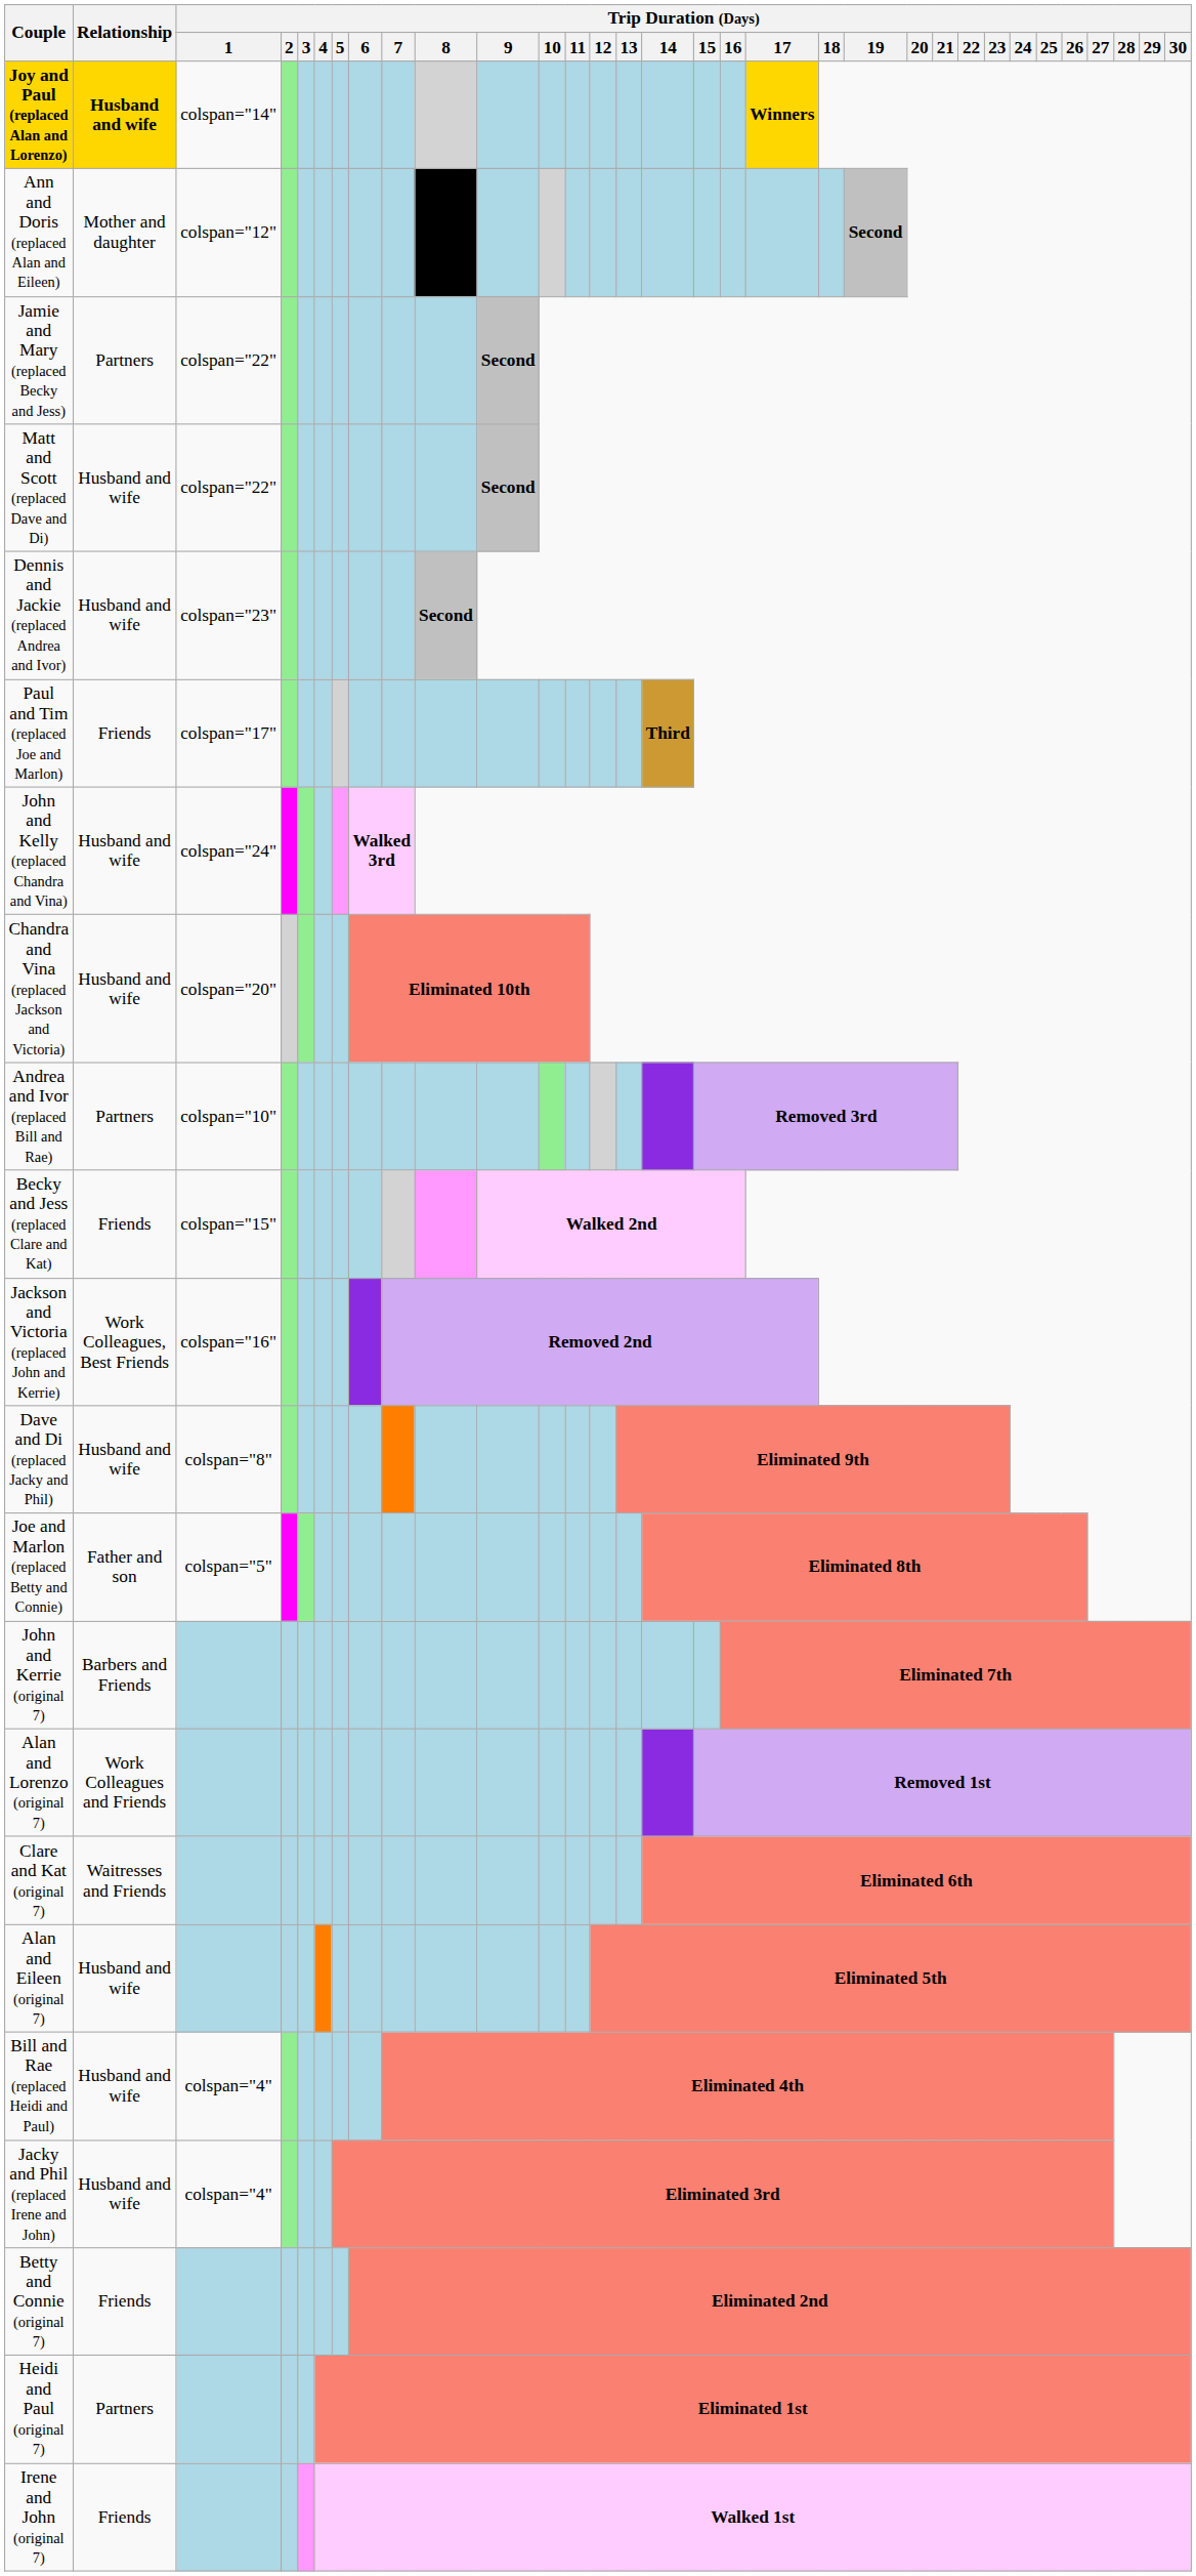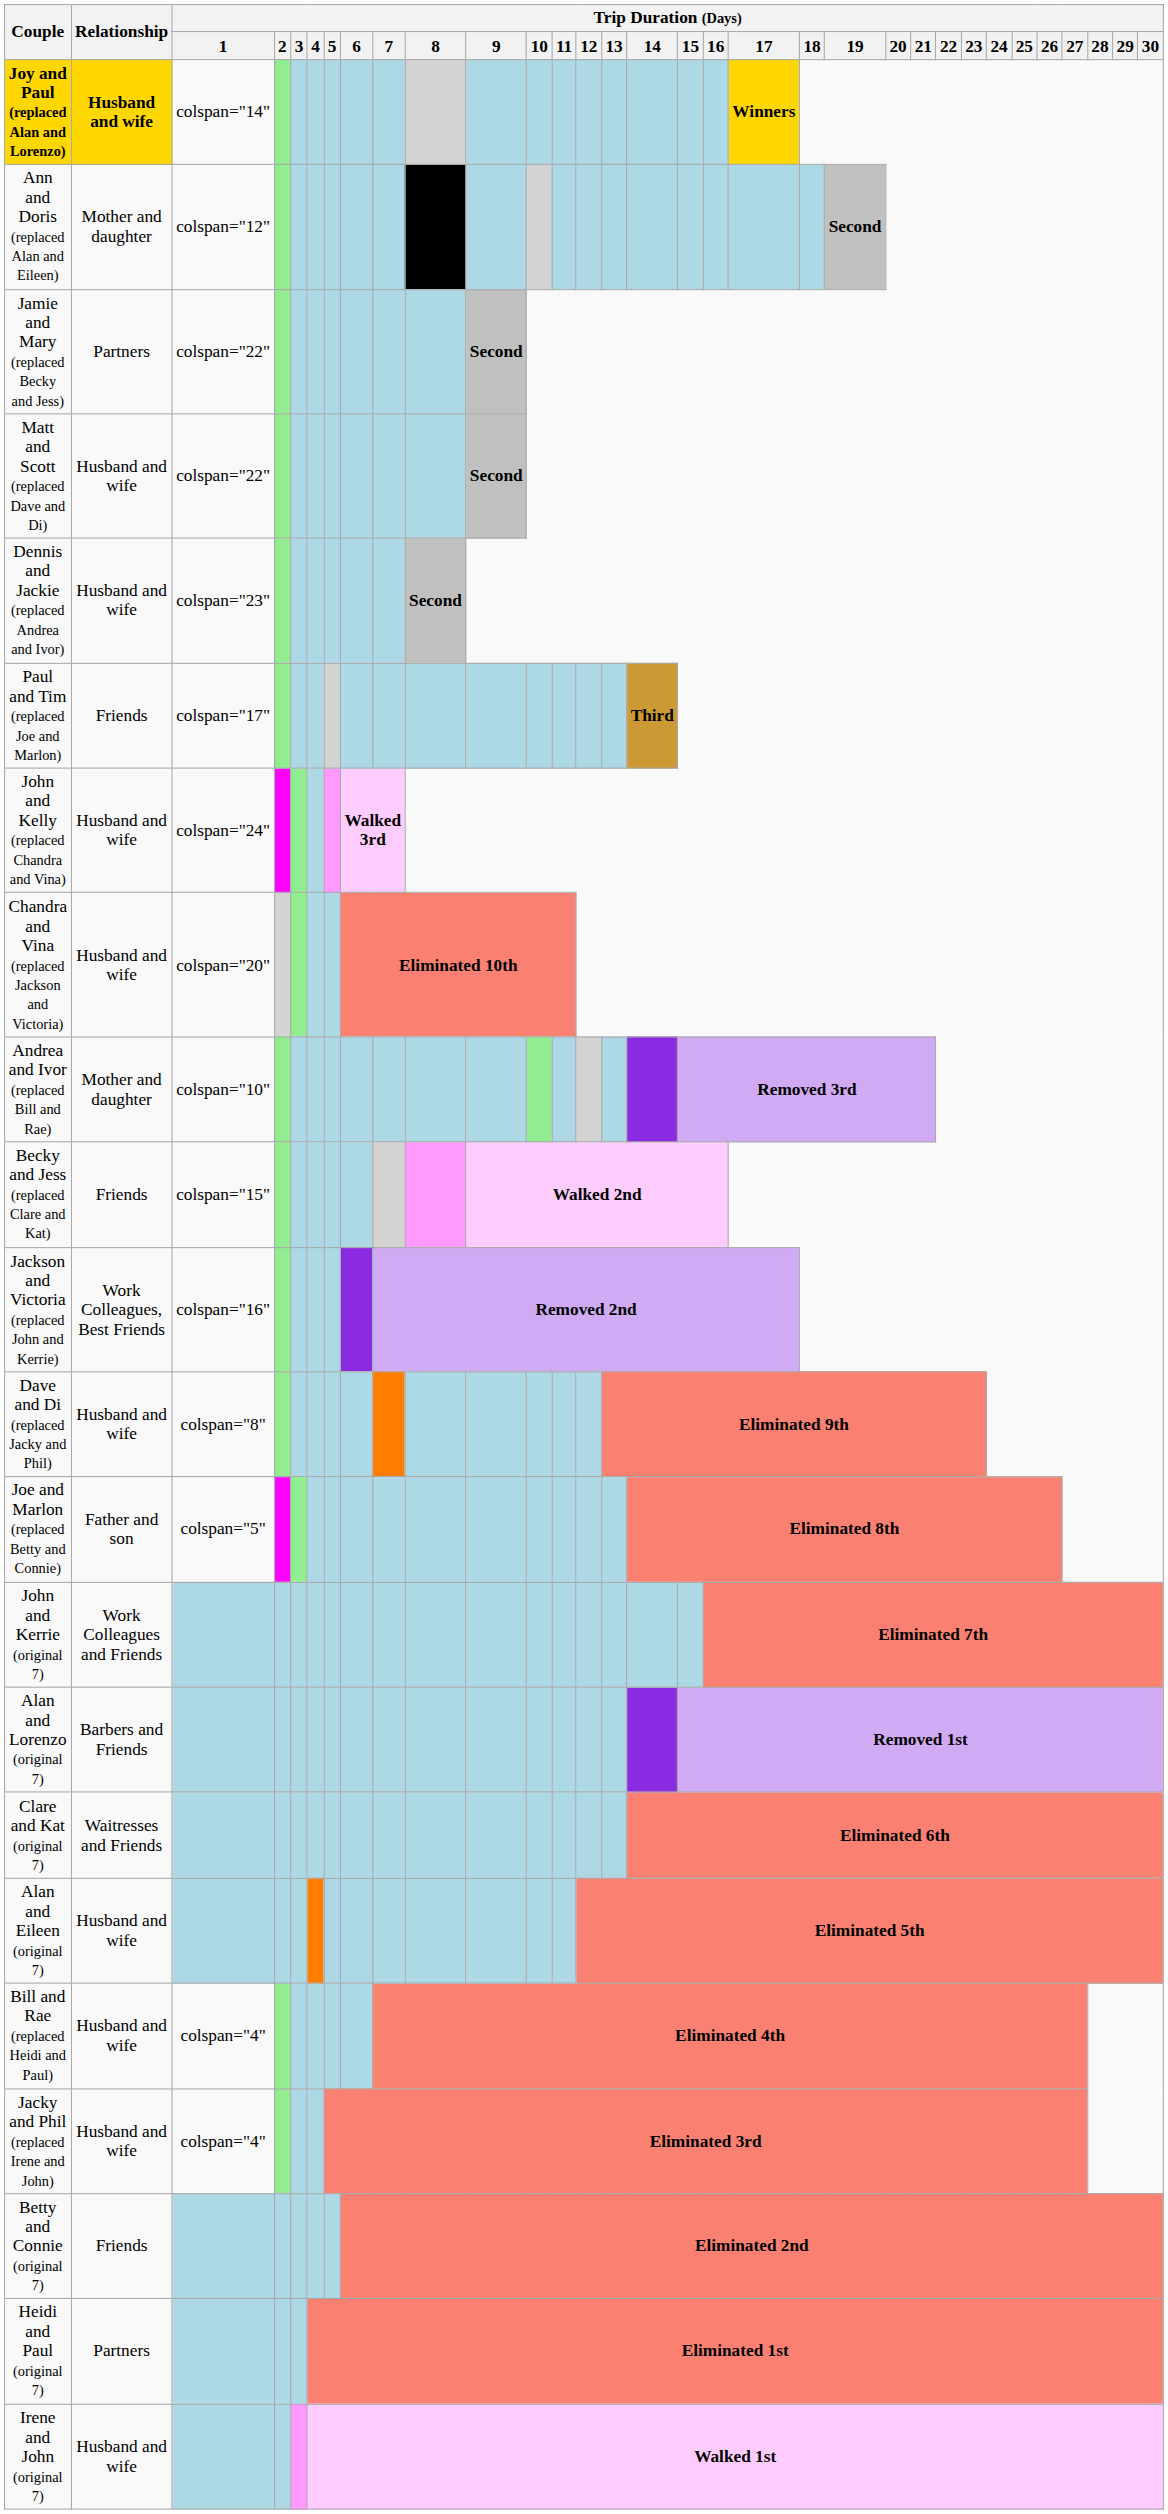 <table class="wikitable" style="text-align:center;">
 <tr>
 <th rowspan="2">Couple</th>
 <th rowspan="2">Relationship</th>
 <th colspan="30">Trip Duration <small>(Days)</small></th>
 </tr>
 <tr>
 <th>1</th>
 <th>2</th>
 <th>3</th>
 <th>4</th>
 <th>5</th>
 <th>6</th>
 <th>7</th>
 <th>8</th>
 <th>9</th>
 <th>10</th>
 <th>11</th>
 <th>12</th>
 <th>13</th>
 <th>14</th>
 <th>15</th>
 <th>16</th>
 <th>17</th>
 <th>18</th>
 <th>19</th>
 <th>20</th>
 <th>21</th>
 <th>22</th>
 <th>23</th>
 <th>24</th>
 <th>25</th>
 <th>26</th>
 <th>27</th>
 <th>28</th>
 <th>29</th>
 <th>30</th>
 </tr>
 <tr>
 <td style="background:gold;"><strong>Joy and Paul<br><small>(replaced Alan and Lorenzo)</small></strong></td>
 <td style="background:gold;"><strong>Husband and wife</strong></td>
 <td>colspan="14" </td>
 <td style="background:lightgreen;"></td>
 <td style="background:lightblue;"></td>
 <td style="background:lightblue;"></td>
 <td style="background:lightblue;"></td>
 <td style="background:lightblue;"></td>
 <td style="background:lightblue;"></td>
 <td style="background:lightgrey;"></td>
 <td style="background:lightblue;"></td>
 <td style="background:lightblue;"></td>
 <td style="background:lightblue;"></td>
 <td style="background:lightblue;"></td>
 <td style="background:lightblue;"></td>
 <td style="background:lightblue;"></td>
 <td style="background:lightblue;"></td>
 <td style="background:lightblue;"></td>
 <td style="background:gold;"><strong>Winners</strong></td>
 </tr>
 <tr>
 <td>Ann and Doris<br><small>(replaced Alan and Eileen)</small></td>
 <td>Mother and daughter</td>
 <td>colspan="12" </td>
 <td style="background:lightgreen;"></td>
 <td style="background:lightblue;"></td>
 <td style="background:lightblue;"></td>
 <td style="background:lightblue;"></td>
 <td style="background:lightblue;"></td>
 <td style="background:lightblue;"></td>
 <td style="background:black;"></td>
 <td style="background:lightblue;"></td>
 <td style="background:lightgrey;"></td>
 <td style="background:lightblue;"></td>
 <td style="background:lightblue;"></td>
 <td style="background:lightblue;"></td>
 <td style="background:lightblue;"></td>
 <td style="background:lightblue;"></td>
 <td style="background:lightblue;"></td>
 <td style="background:lightblue;"></td>
 <td style="background:lightblue;"></td>
 <td style="background:silver;"><strong>Second</strong></td>
 </tr>
 <tr>
 <td>Jamie and Mary<br><small>(replaced Becky and Jess)</small></td>
 <td>Partners</td>
 <td>colspan="22" </td>
 <td style="background:lightgreen;"></td>
 <td style="background:lightblue;"></td>
 <td style="background:lightblue;"></td>
 <td style="background:lightblue;"></td>
 <td style="background:lightblue;"></td>
 <td style="background:lightblue;"></td>
 <td style="background:lightblue;"></td>
 <td style="background:silver;"><strong>Second</strong></td>
 </tr>
 <tr>
 <td>Matt and Scott<br><small>(replaced Dave and Di)</small></td>
 <td>Husband and wife</td>
 <td>colspan="22" </td>
 <td style="background:lightgreen;"></td>
 <td style="background:lightblue;"></td>
 <td style="background:lightblue;"></td>
 <td style="background:lightblue;"></td>
 <td style="background:lightblue;"></td>
 <td style="background:lightblue;"></td>
 <td style="background:lightblue;"></td>
 <td style="background:silver;"><strong>Second</strong></td>
 </tr>
 <tr>
 <td>Dennis and Jackie<br><small>(replaced Andrea and Ivor)</small></td>
 <td>Husband and wife</td>
 <td>colspan="23" </td>
 <td style="background:lightgreen;"></td>
 <td style="background:lightblue;"></td>
 <td style="background:lightblue;"></td>
 <td style="background:lightblue;"></td>
 <td style="background:lightblue;"></td>
 <td style="background:lightblue;"></td>
 <td style="background:silver;"><strong>Second</strong></td>
 </tr>
 <tr>
 <td>Paul and Tim<br><small>(replaced Joe and Marlon)</small></td>
 <td>Friends</td>
 <td>colspan="17" </td>
 <td style="background:lightgreen;"></td>
 <td style="background:lightblue;"></td>
 <td style="background:lightblue;"></td>
 <td style="background:lightgrey;"></td>
 <td style="background:lightblue;"></td>
 <td style="background:lightblue;"></td>
 <td style="background:lightblue;"></td>
 <td style="background:lightblue;"></td>
 <td style="background:lightblue;"></td>
 <td style="background:lightblue;"></td>
 <td style="background:lightblue;"></td>
 <td style="background:lightblue;"></td>
 <td style="background:#cc9933;"><strong>Third</strong></td>
 </tr>
 <tr>
 <td>John and Kelly<br><small>(replaced Chandra and Vina)</small></td>
 <td>Husband and wife</td>
 <td>colspan="24" </td>
 <td style="background:#ff00ff;"></td>
 <td style="background:lightgreen;"></td>
 <td style="background:lightblue;"></td>
 <td style="background:#ff99ff;"></td>
 <td colspan="2" style="background:#ffccff;"><strong>Walked 3rd</strong></td>
 </tr>
 <tr>
 <td>Chandra and Vina<br><small>(replaced Jackson and Victoria)</small></td>
 <td>Husband and wife</td>
 <td>colspan="20" </td>
 <td style="background:lightgrey;"></td>
 <td style="background:lightgreen;"></td>
 <td style="background:lightblue;"></td>
 <td style="background:lightblue;"></td>
 <td colspan="6" style="background:salmon;"><strong>Eliminated 10th</strong></td>
 </tr>
 <tr>
 <td>Andrea and Ivor<br><small>(replaced Bill and Rae)</small></td>
-<td>Partners</td>
+<td>Mother and daughter</td>
 <td>colspan="10" </td>
 <td style="background:lightgreen;"></td>
 <td style="background:lightblue;"></td>
 <td style="background:lightblue;"></td>
 <td style="background:lightblue;"></td>
 <td style="background:lightblue;"></td>
 <td style="background:lightblue;"></td>
 <td style="background:lightblue;"></td>
 <td style="background:lightblue;"></td>
 <td style="background:lightgreen;"></td>
 <td style="background:lightblue;"></td>
 <td style="background:lightgrey;"></td>
 <td style="background:lightblue;"></td>
 <td style="background:#8a2be2;"></td>
 <td colspan="7" style="background:#D0AAF3;"><strong>Removed 3rd</strong></td>
 </tr>
 <tr>
 <td>Becky and Jess<br><small>(replaced Clare and Kat)</small></td>
 <td>Friends</td>
 <td>colspan="15" </td>
 <td style="background:lightgreen;"></td>
 <td style="background:lightblue;"></td>
 <td style="background:lightblue;"></td>
 <td style="background:lightblue;"></td>
 <td style="background:lightblue;"></td>
 <td style="background:lightgrey;"></td>
 <td style="background:#ff99ff;"></td>
 <td colspan="8" style="background:#ffccff;"><strong>Walked 2nd</strong></td>
 </tr>
 <tr>
 <td>Jackson and Victoria<br><small>(replaced John and Kerrie)</small></td>
 <td>Work Colleagues,<br>Best Friends</td>
 <td>colspan="16" </td>
 <td style="background:lightgreen;"></td>
 <td style="background:lightblue;"></td>
 <td style="background:lightblue;"></td>
 <td style="background:lightblue;"></td>
 <td style="background:#8a2be2;"></td>
 <td colspan="11" style="background:#D0AAF3;"><strong>Removed 2nd</strong></td>
 </tr>
 <tr>
 <td>Dave and Di<br><small>(replaced Jacky and Phil)</small></td>
 <td>Husband and wife</td>
 <td>colspan="8" </td>
 <td style="background:lightgreen;"></td>
 <td style="background:lightblue;"></td>
 <td style="background:lightblue;"></td>
 <td style="background:lightblue;"></td>
 <td style="background:lightblue;"></td>
 <td style="background:#ff7e00;"></td>
 <td style="background:lightblue;"></td>
 <td style="background:lightblue;"></td>
 <td style="background:lightblue;"></td>
 <td style="background:lightblue;"></td>
 <td style="background:lightblue;"></td>
 <td colspan="11" style="background:salmon;"><strong>Eliminated 9th</strong></td>
 </tr>
 <tr>
 <td>Joe and Marlon<br><small>(replaced Betty and Connie)</small></td>
 <td>Father and son</td>
 <td>colspan="5" </td>
 <td style="background:#ff00ff;"></td>
 <td style="background:lightgreen;"></td>
 <td style="background:lightblue;"></td>
 <td style="background:lightblue;"></td>
 <td style="background:lightblue;"></td>
 <td style="background:lightblue;"></td>
 <td style="background:lightblue;"></td>
 <td style="background:lightblue;"></td>
 <td style="background:lightblue;"></td>
 <td style="background:lightblue;"></td>
 <td style="background:lightblue;"></td>
 <td style="background:lightblue;"></td>
 <td colspan="13" style="background:salmon;"><strong>Eliminated 8th</strong></td>
 </tr>
 <tr>
 <td>John and Kerrie<br><small>(original 7)</small></td>
-<td>Barbers and Friends</td>
+<td>Work Colleagues and Friends</td>
 <td style="background:lightblue;"></td>
 <td style="background:lightblue;"></td>
 <td style="background:lightblue;"></td>
 <td style="background:lightblue;"></td>
 <td style="background:lightblue;"></td>
 <td style="background:lightblue;"></td>
 <td style="background:lightblue;"></td>
 <td style="background:lightblue;"></td>
 <td style="background:lightblue;"></td>
 <td style="background:lightblue;"></td>
 <td style="background:lightblue;"></td>
 <td style="background:lightblue;"></td>
 <td style="background:lightblue;"></td>
 <td style="background:lightblue;"></td>
 <td style="background:lightblue;"></td>
 <td colspan="15" style="background:salmon;"><strong>Eliminated 7th</strong></td>
 </tr>
 <tr>
 <td>Alan and Lorenzo<br><small>(original 7)</small></td>
-<td>Work Colleagues and Friends</td>
+<td>Barbers and Friends</td>
 <td style="background:lightblue;"></td>
 <td style="background:lightblue;"></td>
 <td style="background:lightblue;"></td>
 <td style="background:lightblue;"></td>
 <td style="background:lightblue;"></td>
 <td style="background:lightblue;"></td>
 <td style="background:lightblue;"></td>
 <td style="background:lightblue;"></td>
 <td style="background:lightblue;"></td>
 <td style="background:lightblue;"></td>
 <td style="background:lightblue;"></td>
 <td style="background:lightblue;"></td>
 <td style="background:lightblue;"></td>
 <td style="background:#8a2be2;"></td>
 <td colspan="16" style="background:#D0AAF3;"><strong>Removed 1st</strong></td>
 </tr>
 <tr>
 <td>Clare and Kat<br><small>(original 7)</small></td>
 <td>Waitresses and Friends</td>
 <td style="background:lightblue;"></td>
 <td style="background:lightblue;"></td>
 <td style="background:lightblue;"></td>
 <td style="background:lightblue;"></td>
 <td style="background:lightblue;"></td>
 <td style="background:lightblue;"></td>
 <td style="background:lightblue;"></td>
 <td style="background:lightblue;"></td>
 <td style="background:lightblue;"></td>
 <td style="background:lightblue;"></td>
 <td style="background:lightblue;"></td>
 <td style="background:lightblue;"></td>
 <td style="background:lightblue;"></td>
 <td colspan="19" style="background:salmon;"><strong>Eliminated 6th</strong></td>
 </tr>
 <tr>
 <td>Alan and Eileen<br><small>(original 7)</small></td>
 <td>Husband and wife</td>
 <td style="background:lightblue;"></td>
 <td style="background:lightblue;"></td>
 <td style="background:lightblue;"></td>
 <td style="background:#ff7e00;"></td>
 <td style="background:lightblue;"></td>
 <td style="background:lightblue;"></td>
 <td style="background:lightblue;"></td>
 <td style="background:lightblue;"></td>
 <td style="background:lightblue;"></td>
 <td style="background:lightblue;"></td>
 <td style="background:lightblue;"></td>
 <td colspan="19" style="background:salmon;"><strong>Eliminated 5th</strong></td>
 </tr>
 <tr>
 <td>Bill and Rae<br><small>(replaced Heidi and Paul)</small></td>
 <td>Husband and wife</td>
 <td>colspan="4" </td>
 <td style="background:lightgreen;"></td>
 <td style="background:lightblue;"></td>
 <td style="background:lightblue;"></td>
 <td style="background:lightblue;"></td>
 <td style="background:lightblue;"></td>
 <td colspan="21" style="background:salmon;"><strong>Eliminated 4th</strong></td>
 </tr>
 <tr>
 <td>Jacky and Phil<br><small>(replaced Irene and John)</small></td>
 <td>Husband and wife</td>
 <td>colspan="4" </td>
 <td style="background:lightgreen;"></td>
 <td style="background:lightblue;"></td>
 <td style="background:lightblue;"></td>
 <td colspan="23" style="background:salmon;"><strong>Eliminated 3rd</strong></td>
 </tr>
 <tr>
 <td>Betty and Connie<br><small>(original 7)</small></td>
 <td>Friends</td>
 <td style="background:lightblue;"></td>
 <td style="background:lightblue;"></td>
 <td style="background:lightblue;"></td>
 <td style="background:lightblue;"></td>
 <td style="background:lightblue;"></td>
 <td colspan="25" style="background:salmon;"><strong>Eliminated 2nd</strong></td>
 </tr>
 <tr>
 <td>Heidi and Paul<br><small>(original 7)</small></td>
 <td>Partners</td>
 <td style="background:lightblue;"></td>
 <td style="background:lightblue;"></td>
 <td style="background:lightblue;"></td>
 <td colspan="27" style="background:salmon;"><strong>Eliminated 1st</strong></td>
 </tr>
 <tr>
 <td>Irene and John<br><small>(original 7)</small></td>
-<td>Friends</td>
+<td>Husband and wife</td>
 <td style="background:lightblue;"></td>
 <td style="background:lightblue;"></td>
 <td style="background:#ff99ff;"></td>
 <td colspan="27" style="background:#ffccff;"><strong>Walked 1st</strong></td>
 </tr>
 </table>
